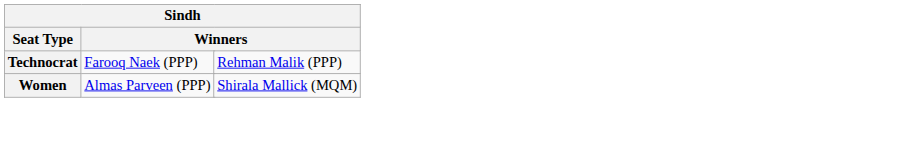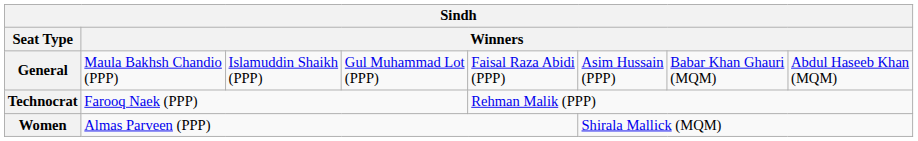 <table class="wikitable">
 <tr>
 <th colspan="8">Sindh</th>
 </tr>
 <tr>
 <th>Seat Type</th>
 <th colspan="7">Winners</th>
+</tr>
+<tr>
+<th>General</th>
+<td style="background:"><a href='#'>Maula Bakhsh Chandio</a><br>(PPP)</td>
+<td style="background:"><a href='#'>Islamuddin Shaikh</a><br>(PPP)</td>
+<td style="background:"><a href='#'>Gul Muhammad Lot</a><br>(PPP)</td>
+<td style="background:"><a href='#'>Faisal Raza Abidi</a><br>(PPP)</td>
+<td style="background:"><a href='#'>Asim Hussain</a><br>(PPP)</td>
+<td style="background:"><a href='#'>Babar Khan Ghauri</a><br>(MQM)</td>
+<td style="background:"><a href='#'>Abdul Haseeb Khan</a><br>(MQM)</td>
 </tr>
 <tr>
 <th>Technocrat</th>
 <td colspan="3" style="background:"><a href='#'>Farooq Naek</a> (PPP)</td>
 <td colspan="4" style="background:"><a href='#'>Rehman Malik</a> (PPP)</td>
 </tr>
 <tr>
 <th>Women</th>
 <td colspan="4" style="background:"><a href='#'>Almas Parveen</a> (PPP)</td>
 <td colspan="3" style="background:"><a href='#'>Shirala Mallick</a> (MQM)</td>
 </tr>
 </table>
